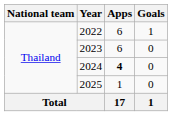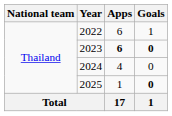 <table class=wikitable style=text-align:center>
 <tr>
 <th>National team</th>
 <th>Year</th>
 <th>Apps</th>
 <th>Goals</th>
 </tr>
 <tr>
 <td rowspan="4"><a href='#'>Thailand</a></td>
 <td>2022</td>
 <td>6</td>
 <td>1</td>
 </tr>
 <tr>
 <td>2023</td>
-<td>6</td>
-<td>0</td>
+<td><strong>6</strong></td>
+<td><strong>0</strong></td>
 </tr>
 <tr>
 <td>2024</td>
-<td><strong>4</strong></td>
+<td>4</td>
 <td>0</td>
 </tr>
 <tr>
 <td>2025</td>
 <td>1</td>
-<td>0</td>
+<td><strong>0</strong></td>
 </tr>
 <tr>
 <th colspan="2">Total</th>
 <th>17</th>
 <th>1</th>
 </tr>
 </table>
